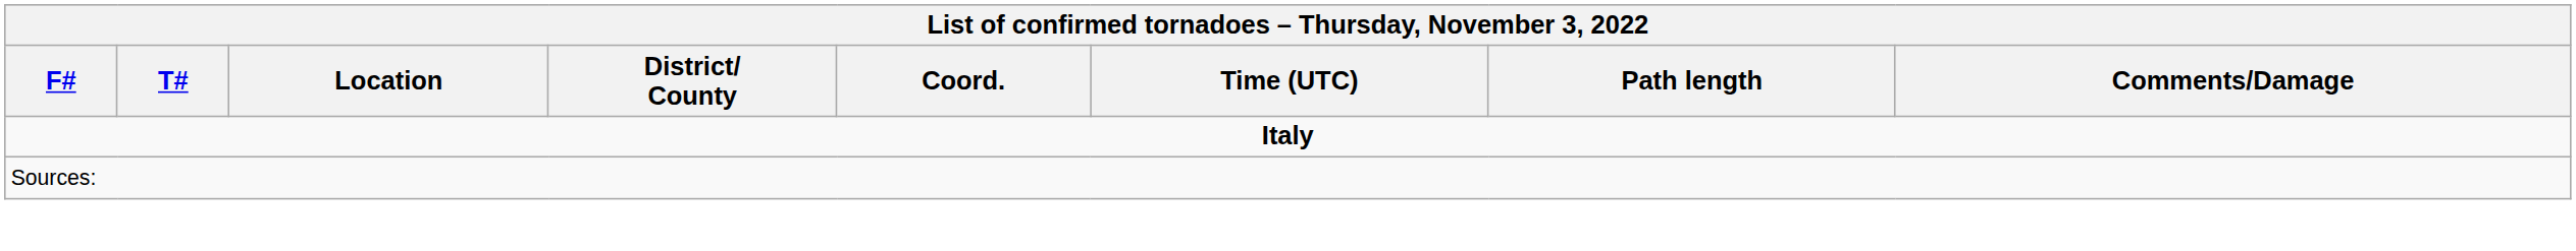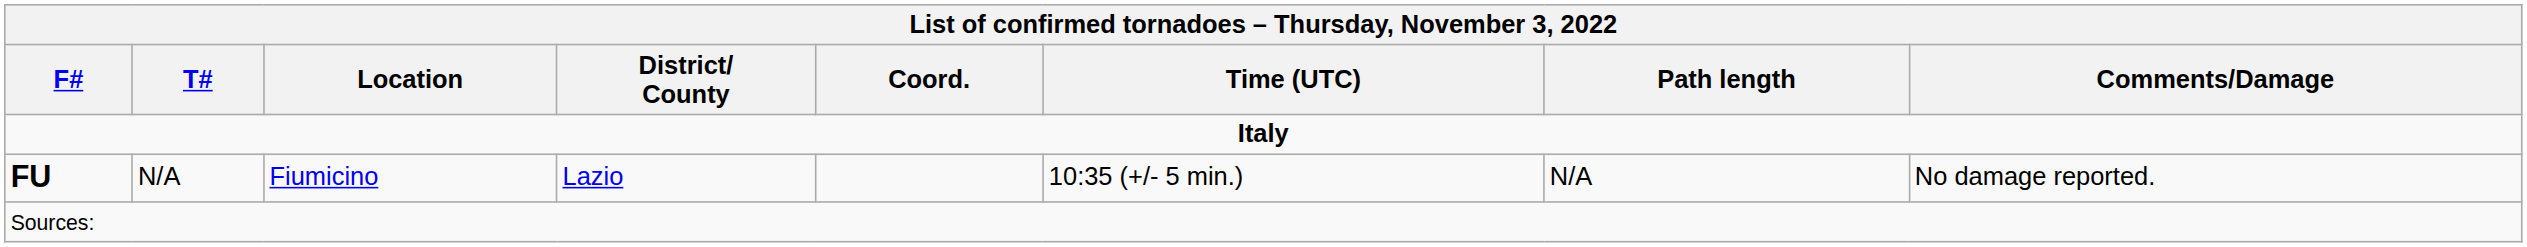 <table class="wikitable collapsible" width="100%">
 <tr>
 <th colspan="8">List of confirmed tornadoes – Thursday, November 3, 2022</th>
 </tr>
 <tr>
 <th><a href='#'>F#</a></th>
 <th><a href='#'>T#</a></th>
 <th>Location</th>
 <th>District/<br>County</th>
 <th>Coord.</th>
 <th>Time (UTC)</th>
 <th>Path length</th>
 <th>Comments/Damage</th>
 </tr>
 <tr>
 <td colspan="8" align=center><strong>Italy</strong></td>
 </tr>
 <tr>
+<td><big><strong>FU</strong></big></td>
+<td>N/A</td>
+<td><a href='#'>Fiumicino</a></td>
+<td><a href='#'>Lazio</a></td>
+<td></td>
+<td>10:35 (+/- 5 min.)</td>
+<td>N/A</td>
+<td>No damage reported.</td>
+</tr>
+<tr>
 <td colspan="8"><small>Sources:  </small></td>
 </tr>
 </table>
